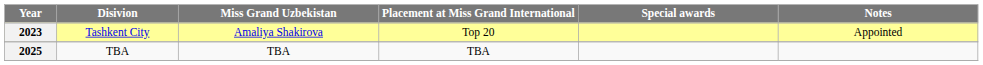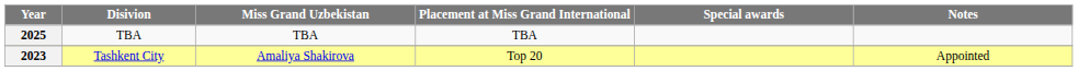 <table class="wikitable" style="font-size: 92%; text-align:center">
 <tr>
 <th width="60" style="background-color:#787878;color:#FFFFFF;">Year</th>
 <th width="150" style="background-color:#787878;color:#FFFFFF;">Disivion</th>
 <th width="250" style="background-color:#787878;color:#FFFFFF;">Miss Grand Uzbekistan</th>
 <th width="250" style="background-color:#787878;color:#FFFFFF;">Placement at Miss Grand International</th>
 <th width="250" style="background-color:#787878;color:#FFFFFF;">Special awards</th>
 <th width="250" style="background-color:#787878;color:#FFFFFF;">Notes</th>
+</tr>
+<tr>
+<th>2025</th>
+<td>TBA</td>
+<td>TBA</td>
+<td>TBA</td>
+<td></td>
+<td></td>
+</tr>
+<tr>
 </tr>
 <tr style="background-color:#FFFF99;">
 <th>2023</th>
 <td><a href='#'>Tashkent City</a></td>
 <td><a href='#'>Amaliya Shakirova</a></td>
 <td>Top 20</td>
 <td></td>
 <td>Appointed</td>
 </tr>
 <tr>
 </tr>
-<tr>
-<th>2025</th>
-<td>TBA</td>
-<td>TBA</td>
-<td>TBA</td>
-<td></td>
-<td></td>
-</tr>
-<tr>
-</tr>
 </table>
